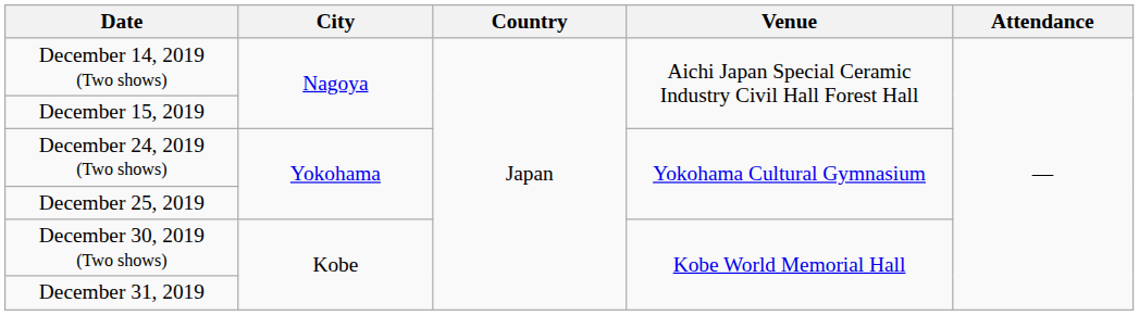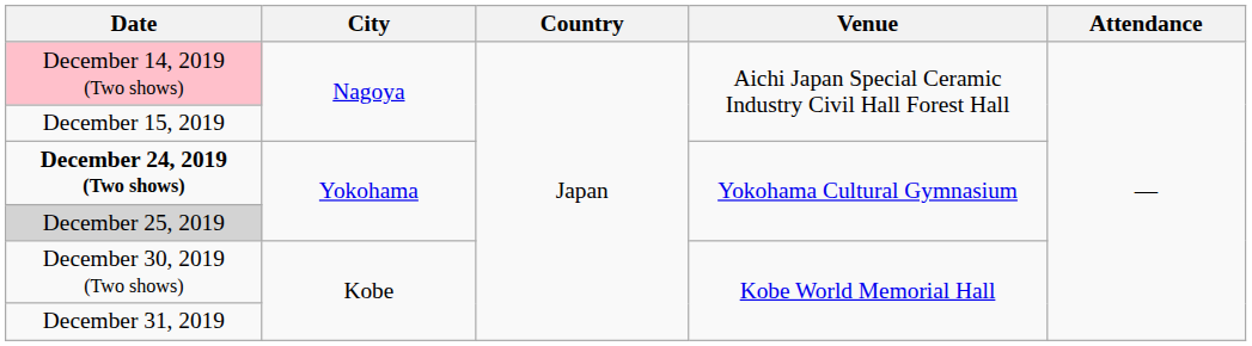 <table class="wikitable" style="text-align:center;">
 <tr>
 <th width="170">Date</th>
 <th width="140">City</th>
 <th width="140">Country</th>
 <th width="240">Venue</th>
 <th width="130">Attendance</th>
 </tr>
 <tr>
-<td>December 14, 2019<br><small>(Two shows)</small></td>
+<td style="background: pink;">December 14, 2019<br><small>(Two shows)</small></td>
 <td rowspan="2"><a href='#'>Nagoya</a></td>
 <td rowspan="6">Japan</td>
 <td rowspan="2">Aichi Japan Special Ceramic Industry Civil Hall Forest Hall</td>
 <td rowspan="6">—</td>
 </tr>
 <tr>
 <td>December 15, 2019</td>
 </tr>
 <tr>
-<td>December 24, 2019<br><small>(Two shows)</small></td>
+<td><strong>December 24, 2019<br><small>(Two shows)</small></strong></td>
 <td rowspan="2"><a href='#'>Yokohama</a></td>
 <td rowspan="2"><a href='#'>Yokohama Cultural Gymnasium</a></td>
 </tr>
 <tr>
-<td>December 25, 2019</td>
+<td style="background: lightgrey;">December 25, 2019</td>
 </tr>
 <tr>
 <td>December 30, 2019<br><small>(Two shows)</small></td>
 <td rowspan="2">Kobe</td>
 <td rowspan="2"><a href='#'>Kobe World Memorial Hall</a></td>
 </tr>
 <tr>
 <td>December 31, 2019</td>
 </tr>
 </table>
